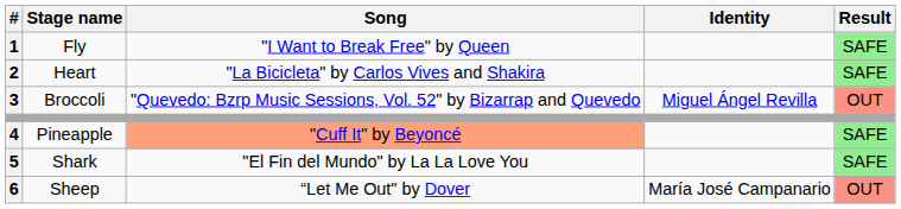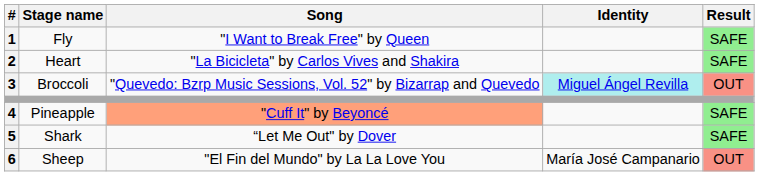 <table class="wikitable plainrowheaders" style="text-align:center">
 <tr>
 <th>#</th>
 <th>Stage name</th>
 <th>Song</th>
 <th>Identity</th>
 <th>Result</th>
 </tr>
 <tr>
 <th>1</th>
 <td>Fly</td>
 <td>"<a href='#'>I Want to Break Free</a>" by <a href='#'>Queen</a></td>
 <td></td>
 <td bgcolor="lightgreen">SAFE</td>
 </tr>
 <tr>
 <th>2</th>
 <td>Heart</td>
 <td>"<a href='#'>La Bicicleta</a>" by <a href='#'>Carlos Vives</a> and <a href='#'>Shakira</a></td>
 <td></td>
 <td bgcolor="lightgreen">SAFE</td>
 </tr>
 <tr>
 <th>3</th>
 <td>Broccoli</td>
 <td>"<a href='#'>Quevedo: Bzrp Music Sessions, Vol. 52</a>" by <a href='#'>Bizarrap</a> and <a href='#'>Quevedo</a></td>
-<td><a href='#'>Miguel Ángel Revilla</a></td>
+<td style="background: paleturquoise;"><a href='#'>Miguel Ángel Revilla</a></td>
 <td bgcolor="#F99185">OUT</td>
 </tr>
 <tr>
 <td colspan="5" style="background:darkgray"></td>
 </tr>
 <tr>
 <th>4</th>
 <td>Pineapple</td>
 <td style="background: lightsalmon;">"<a href='#'>Cuff It</a>" by <a href='#'>Beyoncé</a></td>
 <td></td>
 <td bgcolor="lightgreen">SAFE</td>
 </tr>
 <tr>
 <th>5</th>
 <td>Shark</td>
-<td>"El Fin del Mundo" by La La Love You</td>
+<td>“Let Me Out" by <a href='#'>Dover</a></td>
 <td></td>
 <td bgcolor="lightgreen">SAFE</td>
 </tr>
 <tr>
 <th>6</th>
 <td>Sheep</td>
-<td>“Let Me Out" by <a href='#'>Dover</a></td>
+<td>"El Fin del Mundo" by La La Love You</td>
 <td>María José Campanario</td>
 <td bgcolor="#F99185">OUT</td>
 </tr>
 </table>
